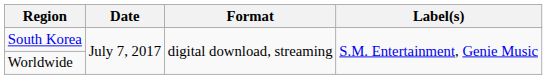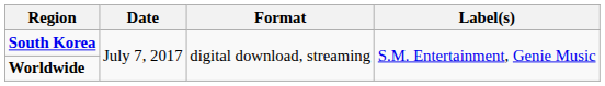 <table class="wikitable">
 <tr>
 <th>Region</th>
 <th>Date</th>
 <th>Format</th>
 <th>Label(s)</th>
 </tr>
 <tr>
-<td><a href='#'>South Korea</a></td>
+<td><strong><a href='#'>South Korea</a></strong></td>
 <td rowspan="2">July 7, 2017</td>
 <td rowspan="2">digital download, streaming</td>
 <td rowspan="2"><a href='#'>S.M. Entertainment</a>, <a href='#'>Genie Music</a></td>
 </tr>
 <tr>
-<td>Worldwide</td>
+<td><strong>Worldwide</strong></td>
 </tr>
 </table>
